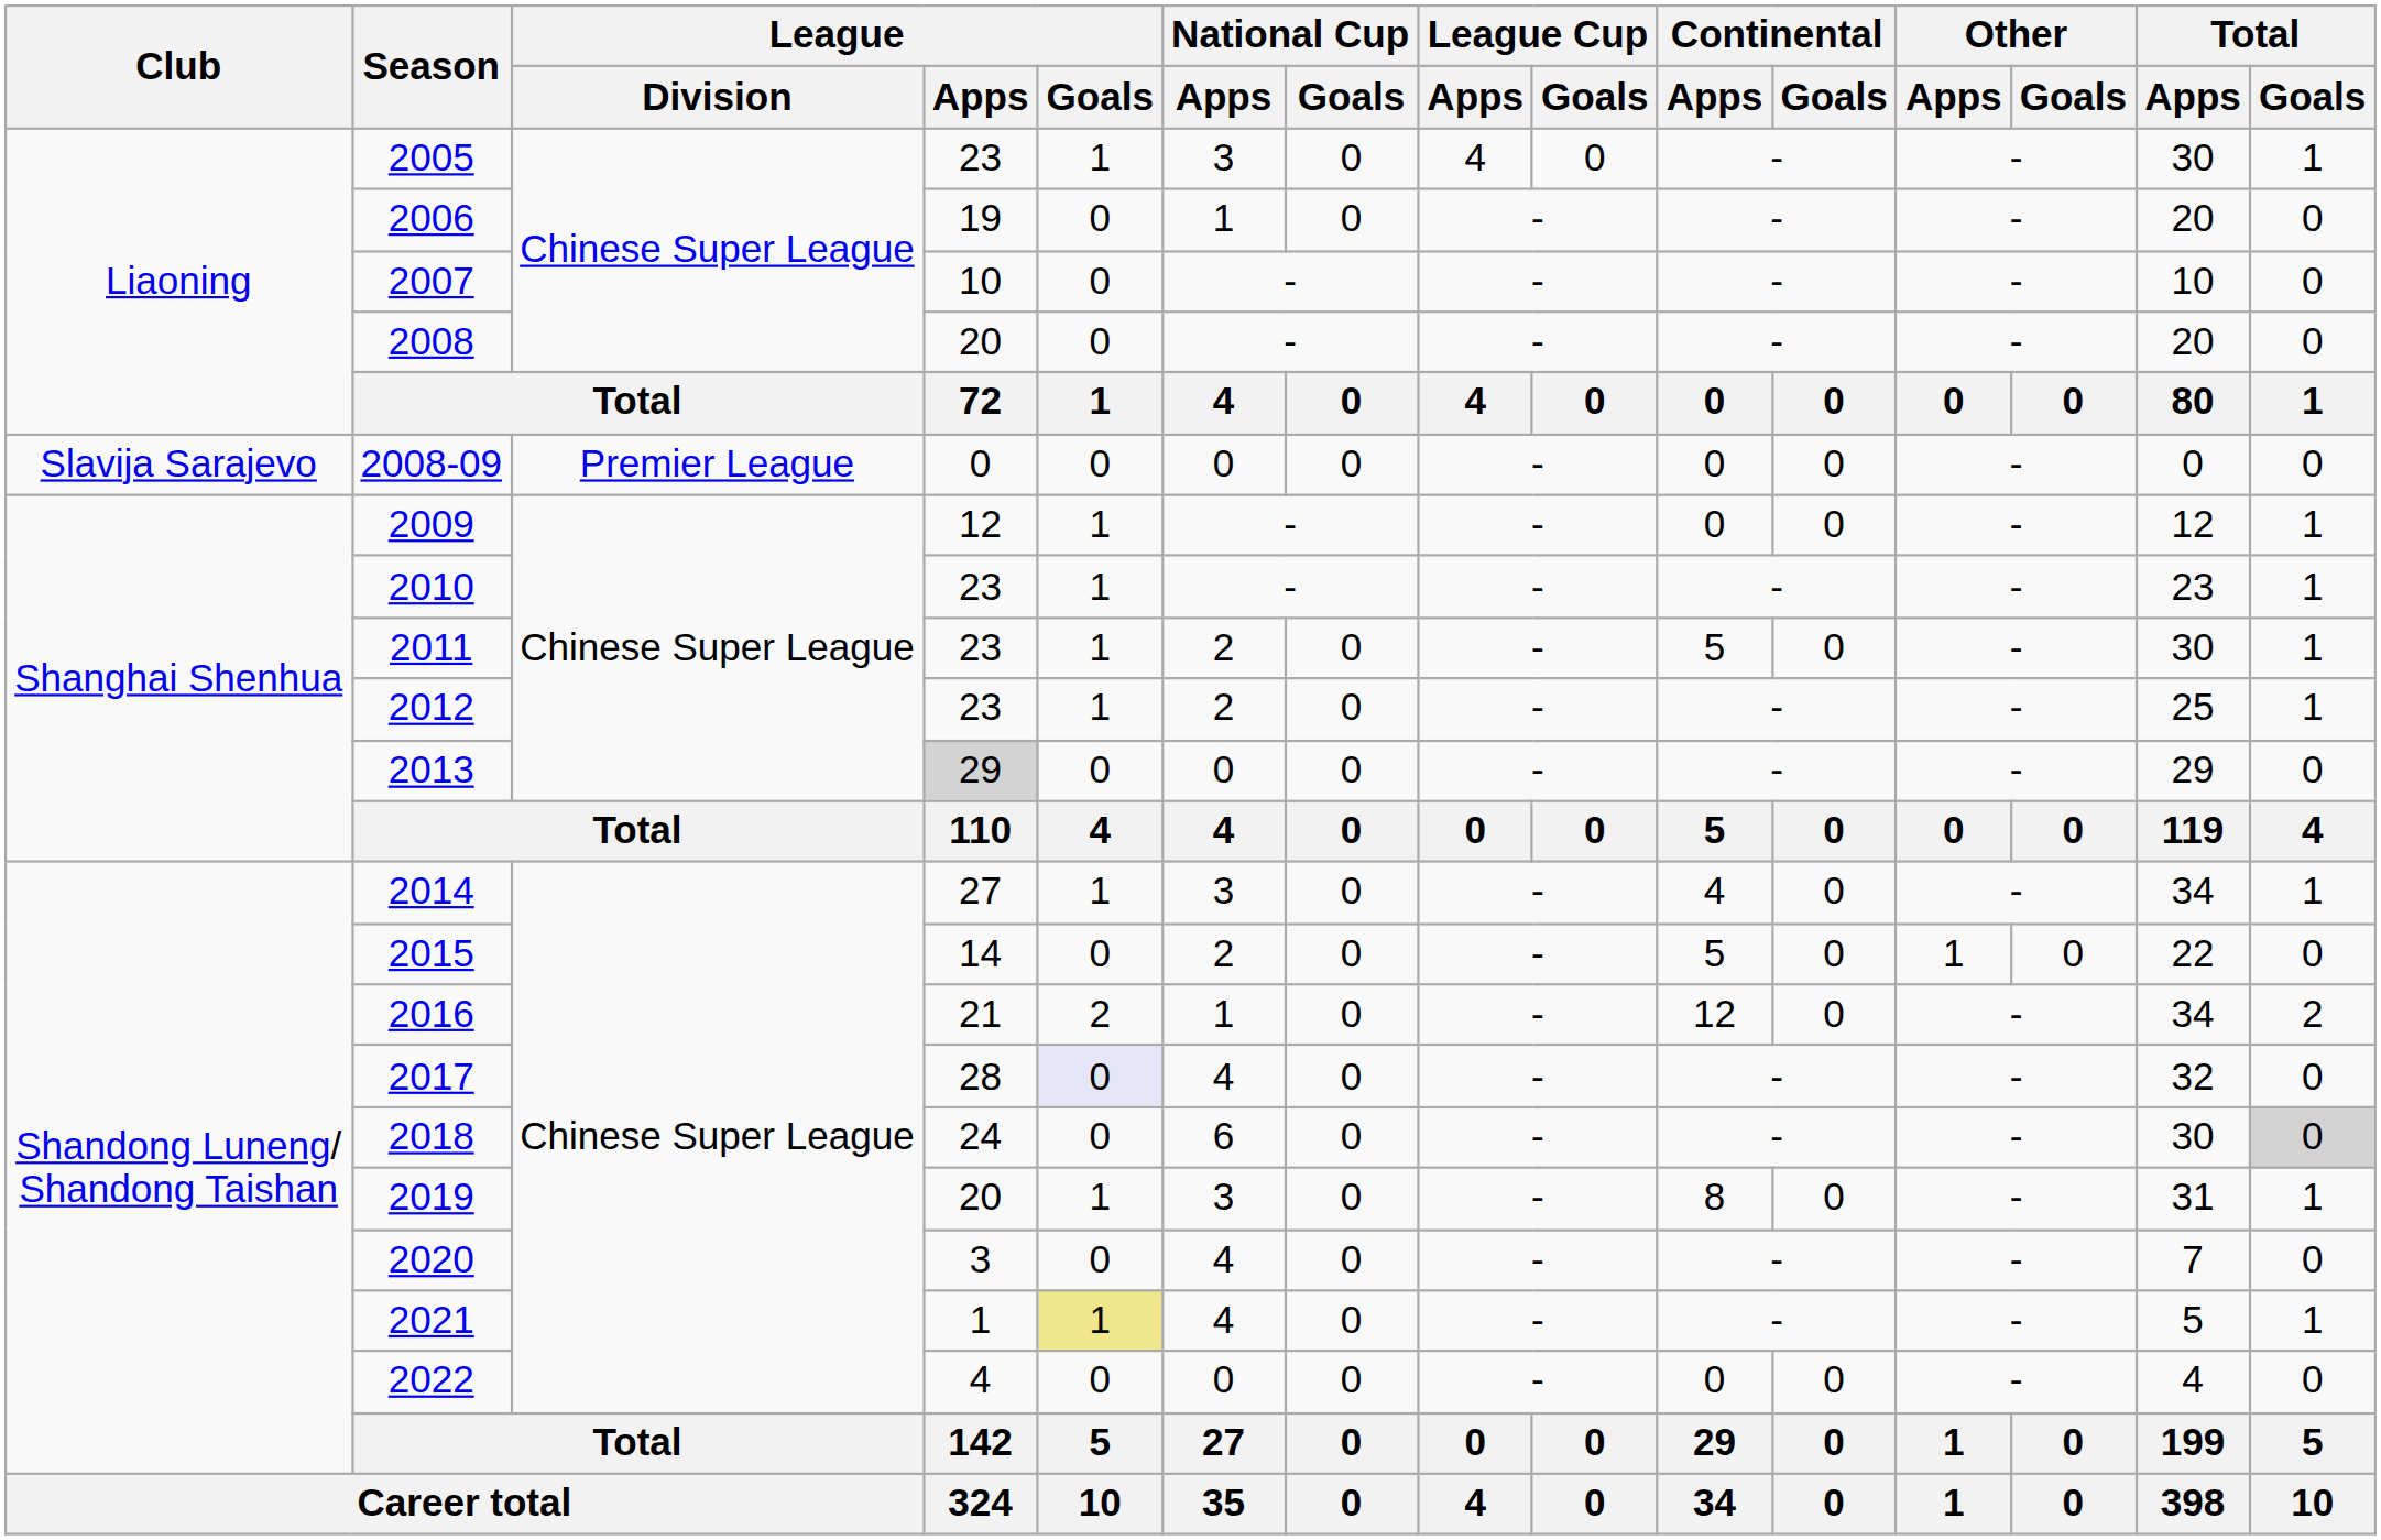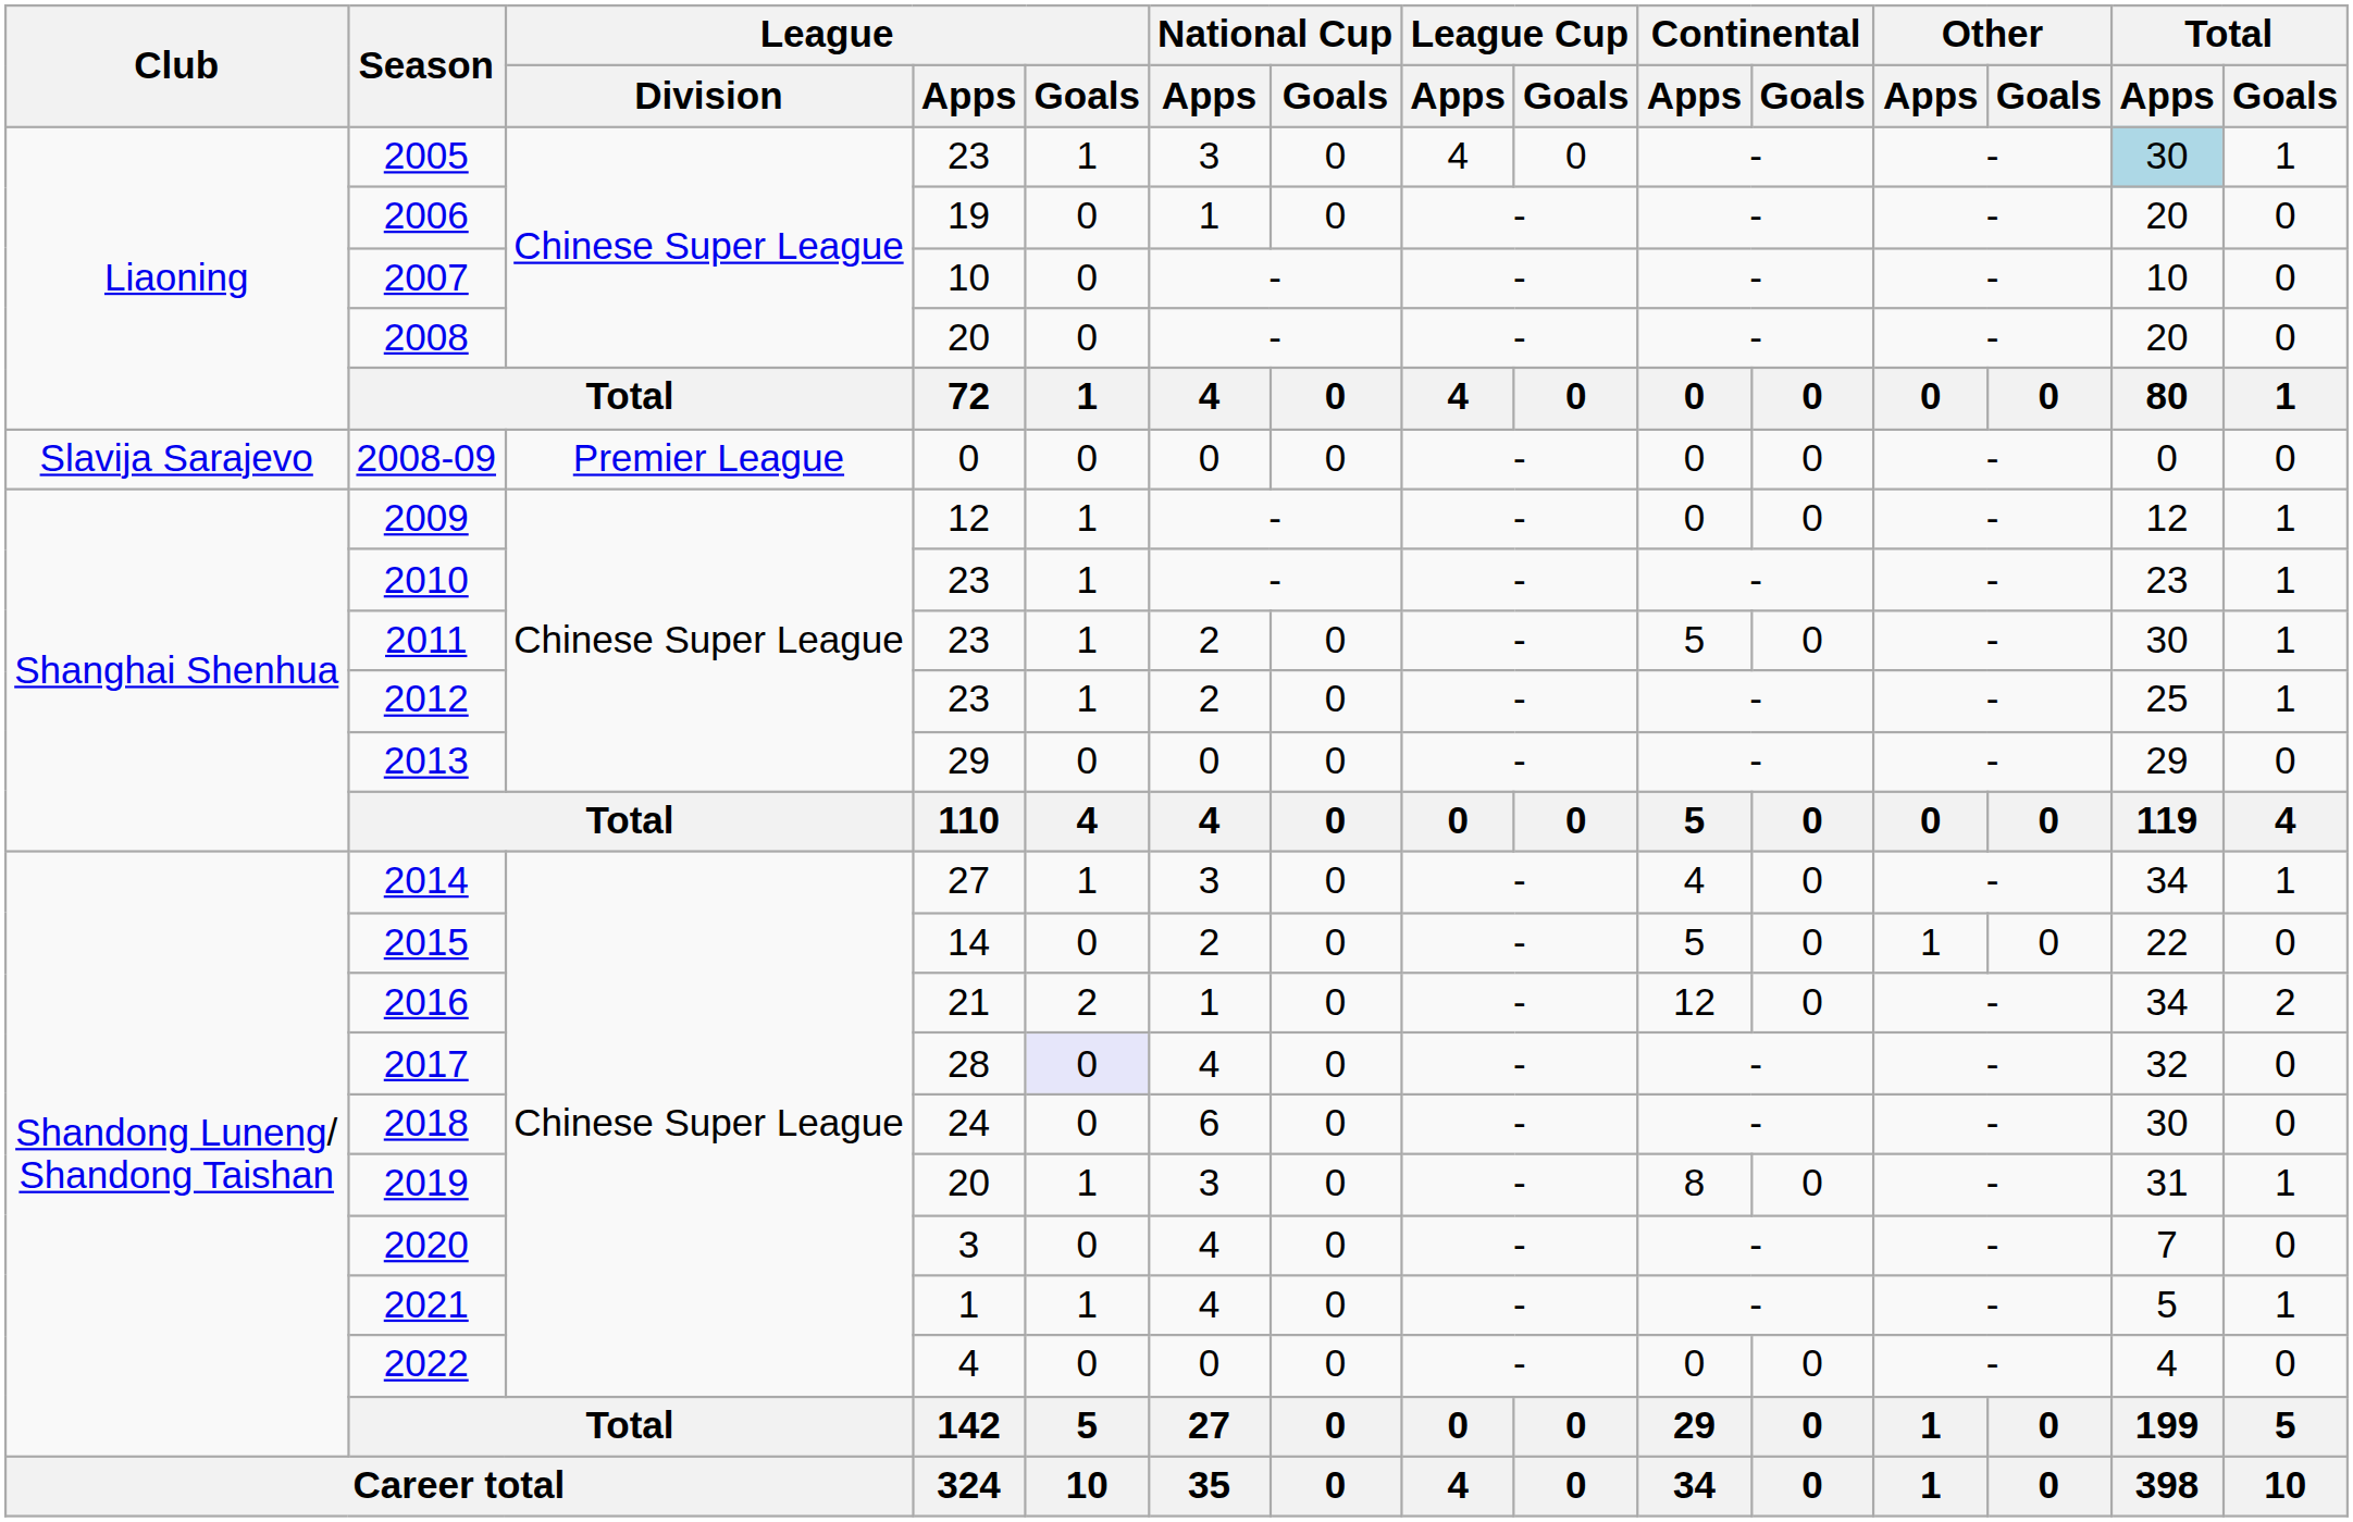 <table class="wikitable" style="text-align: center">
 <tr>
 <th rowspan="2">Club</th>
 <th rowspan="2">Season</th>
 <th colspan="3">League</th>
 <th colspan="2">National Cup</th>
 <th colspan="2">League Cup</th>
 <th colspan="2">Continental</th>
 <th colspan="2">Other</th>
 <th colspan="2">Total</th>
 </tr>
 <tr>
 <th>Division</th>
 <th>Apps</th>
 <th>Goals</th>
 <th>Apps</th>
 <th>Goals</th>
 <th>Apps</th>
 <th>Goals</th>
 <th>Apps</th>
 <th>Goals</th>
 <th>Apps</th>
 <th>Goals</th>
 <th>Apps</th>
 <th>Goals</th>
 </tr>
 <tr>
 <td rowspan="5"><a href='#'>Liaoning</a></td>
 <td><a href='#'>2005</a></td>
 <td rowspan="4"><a href='#'>Chinese Super League</a></td>
 <td>23</td>
 <td>1</td>
 <td>3</td>
 <td>0</td>
 <td>4</td>
 <td>0</td>
 <td colspan="2">-</td>
 <td colspan="2">-</td>
-<td>30</td>
+<td style="background: lightblue;">30</td>
 <td>1</td>
 </tr>
 <tr>
 <td><a href='#'>2006</a></td>
 <td>19</td>
 <td>0</td>
 <td>1</td>
 <td>0</td>
 <td colspan="2">-</td>
 <td colspan="2">-</td>
 <td colspan="2">-</td>
 <td>20</td>
 <td>0</td>
 </tr>
 <tr>
 <td><a href='#'>2007</a></td>
 <td>10</td>
 <td>0</td>
 <td colspan="2">-</td>
 <td colspan="2">-</td>
 <td colspan="2">-</td>
 <td colspan="2">-</td>
 <td>10</td>
 <td>0</td>
 </tr>
 <tr>
 <td><a href='#'>2008</a></td>
 <td>20</td>
 <td>0</td>
 <td colspan="2">-</td>
 <td colspan="2">-</td>
 <td colspan="2">-</td>
 <td colspan="2">-</td>
 <td>20</td>
 <td>0</td>
 </tr>
 <tr>
 <th colspan="2"><strong>Total</strong></th>
 <th>72</th>
 <th>1</th>
 <th>4</th>
 <th>0</th>
 <th>4</th>
 <th>0</th>
 <th>0</th>
 <th>0</th>
 <th>0</th>
 <th>0</th>
 <th>80</th>
 <th>1</th>
 </tr>
 <tr>
 <td><a href='#'>Slavija Sarajevo</a></td>
 <td><a href='#'>2008-09</a></td>
 <td><a href='#'>Premier League</a></td>
 <td>0</td>
 <td>0</td>
 <td>0</td>
 <td>0</td>
 <td colspan="2">-</td>
 <td>0</td>
 <td>0</td>
 <td colspan="2">-</td>
 <td>0</td>
 <td>0</td>
 </tr>
 <tr>
 <td rowspan="6"><a href='#'>Shanghai Shenhua</a></td>
 <td><a href='#'>2009</a></td>
 <td rowspan="5">Chinese Super League</td>
 <td>12</td>
 <td>1</td>
 <td colspan="2">-</td>
 <td colspan="2">-</td>
 <td>0</td>
 <td>0</td>
 <td colspan="2">-</td>
 <td>12</td>
 <td>1</td>
 </tr>
 <tr>
 <td><a href='#'>2010</a></td>
 <td>23</td>
 <td>1</td>
 <td colspan="2">-</td>
 <td colspan="2">-</td>
 <td colspan="2">-</td>
 <td colspan="2">-</td>
 <td>23</td>
 <td>1</td>
 </tr>
 <tr>
 <td><a href='#'>2011</a></td>
 <td>23</td>
 <td>1</td>
 <td>2</td>
 <td>0</td>
 <td colspan="2">-</td>
 <td>5</td>
 <td>0</td>
 <td colspan="2">-</td>
 <td>30</td>
 <td>1</td>
 </tr>
 <tr>
 <td><a href='#'>2012</a></td>
 <td>23</td>
 <td>1</td>
 <td>2</td>
 <td>0</td>
 <td colspan="2">-</td>
 <td colspan="2">-</td>
 <td colspan="2">-</td>
 <td>25</td>
 <td>1</td>
 </tr>
 <tr>
 <td><a href='#'>2013</a></td>
-<td style="background: lightgrey;">29</td>
+<td>29</td>
 <td>0</td>
 <td>0</td>
 <td>0</td>
 <td colspan="2">-</td>
 <td colspan="2">-</td>
 <td colspan="2">-</td>
 <td>29</td>
 <td>0</td>
 </tr>
 <tr>
 <th colspan="2"><strong>Total</strong></th>
 <th>110</th>
 <th>4</th>
 <th>4</th>
 <th>0</th>
 <th>0</th>
 <th>0</th>
 <th>5</th>
 <th>0</th>
 <th>0</th>
 <th>0</th>
 <th>119</th>
 <th>4</th>
 </tr>
 <tr>
 <td rowspan=10><a href='#'>Shandong Luneng</a>/<br><a href='#'>Shandong Taishan</a></td>
 <td><a href='#'>2014</a></td>
 <td rowspan=9>Chinese Super League</td>
 <td>27</td>
 <td>1</td>
 <td>3</td>
 <td>0</td>
 <td colspan="2">-</td>
 <td>4</td>
 <td>0</td>
 <td colspan="2">-</td>
 <td>34</td>
 <td>1</td>
 </tr>
 <tr>
 <td><a href='#'>2015</a></td>
 <td>14</td>
 <td>0</td>
 <td>2</td>
 <td>0</td>
 <td colspan="2">-</td>
 <td>5</td>
 <td>0</td>
 <td>1</td>
 <td>0</td>
 <td>22</td>
 <td>0</td>
 </tr>
 <tr>
 <td><a href='#'>2016</a></td>
 <td>21</td>
 <td>2</td>
 <td>1</td>
 <td>0</td>
 <td colspan="2">-</td>
 <td>12</td>
 <td>0</td>
 <td colspan="2">-</td>
 <td>34</td>
 <td>2</td>
 </tr>
 <tr>
 <td><a href='#'>2017</a></td>
 <td>28</td>
 <td style="background: lavender;">0</td>
 <td>4</td>
 <td>0</td>
 <td colspan="2">-</td>
 <td colspan="2">-</td>
 <td colspan="2">-</td>
 <td>32</td>
 <td>0</td>
 </tr>
 <tr>
 <td><a href='#'>2018</a></td>
 <td>24</td>
 <td>0</td>
 <td>6</td>
 <td>0</td>
 <td colspan="2">-</td>
 <td colspan="2">-</td>
 <td colspan="2">-</td>
 <td>30</td>
-<td style="background: lightgrey;">0</td>
+<td>0</td>
 </tr>
 <tr>
 <td><a href='#'>2019</a></td>
 <td>20</td>
 <td>1</td>
 <td>3</td>
 <td>0</td>
 <td colspan="2">-</td>
 <td>8</td>
 <td>0</td>
 <td colspan="2">-</td>
 <td>31</td>
 <td>1</td>
 </tr>
 <tr>
 <td><a href='#'>2020</a></td>
 <td>3</td>
 <td>0</td>
 <td>4</td>
 <td>0</td>
 <td colspan="2">-</td>
 <td colspan="2">-</td>
 <td colspan="2">-</td>
 <td>7</td>
 <td>0</td>
 </tr>
 <tr>
 <td><a href='#'>2021</a></td>
 <td>1</td>
-<td style="background: khaki;">1</td>
+<td>1</td>
 <td>4</td>
 <td>0</td>
 <td colspan="2">-</td>
 <td colspan="2">-</td>
 <td colspan="2">-</td>
 <td>5</td>
 <td>1</td>
 </tr>
 <tr>
 <td><a href='#'>2022</a></td>
 <td>4</td>
 <td>0</td>
 <td>0</td>
 <td>0</td>
 <td colspan="2">-</td>
 <td>0</td>
 <td>0</td>
 <td colspan="2">-</td>
 <td>4</td>
 <td>0</td>
 </tr>
 <tr>
 <th colspan="2"><strong>Total</strong></th>
 <th>142</th>
 <th>5</th>
 <th>27</th>
 <th>0</th>
 <th>0</th>
 <th>0</th>
 <th>29</th>
 <th>0</th>
 <th>1</th>
 <th>0</th>
 <th>199</th>
 <th>5</th>
 </tr>
 <tr>
 <th colspan=3>Career total</th>
 <th>324</th>
 <th>10</th>
 <th>35</th>
 <th>0</th>
 <th>4</th>
 <th>0</th>
 <th>34</th>
 <th>0</th>
 <th>1</th>
 <th>0</th>
 <th>398</th>
 <th>10</th>
 </tr>
 </table>
